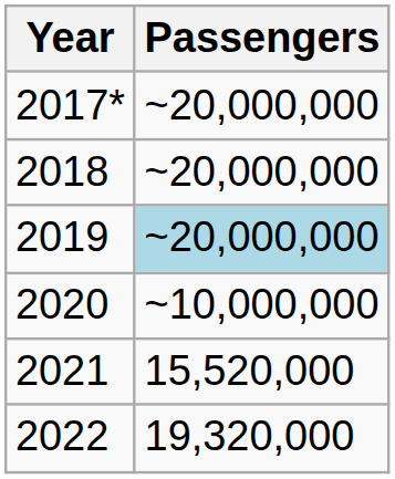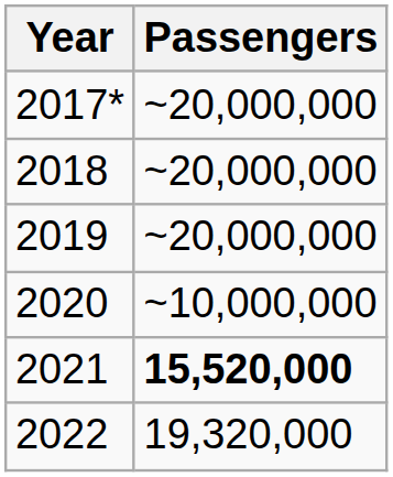 <table class="wikitable">
 <tr>
 <th>Year</th>
 <th>Passengers</th>
 </tr>
 <tr>
 <td>2017*</td>
 <td>~20,000,000</td>
 </tr>
 <tr>
 <td>2018</td>
 <td>~20,000,000</td>
 </tr>
 <tr>
 <td>2019</td>
-<td style="background: lightblue;">~20,000,000</td>
+<td>~20,000,000</td>
 </tr>
 <tr>
 <td>2020</td>
 <td>~10,000,000</td>
 </tr>
 <tr>
 <td>2021</td>
-<td>15,520,000</td>
+<td><strong>15,520,000</strong></td>
 </tr>
 <tr>
 <td>2022</td>
 <td>19,320,000</td>
 </tr>
 </table>
